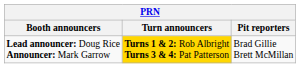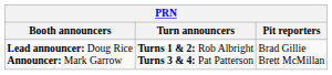 <table class="wikitable" style="font-size: 95%;">
 <tr>
 <th colspan="3"><a href='#'>PRN</a></th>
 </tr>
 <tr>
 <th>Booth announcers</th>
 <th>Turn announcers</th>
 <th>Pit reporters</th>
 </tr>
 <tr>
 <td><strong>Lead announcer:</strong> Doug Rice<br><strong>Announcer:</strong> Mark Garrow</td>
-<td style="background: gold;"><strong>Turns 1 & 2:</strong> Rob Albright<br><strong>Turns 3 & 4:</strong> Pat Patterson</td>
+<td><strong>Turns 1 & 2:</strong> Rob Albright<br><strong>Turns 3 & 4:</strong> Pat Patterson</td>
 <td>Brad Gillie<br>Brett McMillan</td>
 </tr>
 </table>
